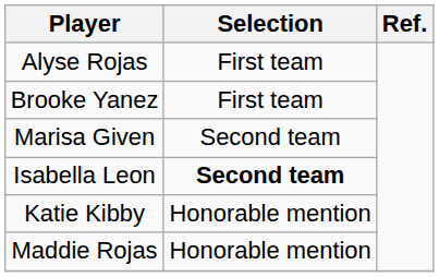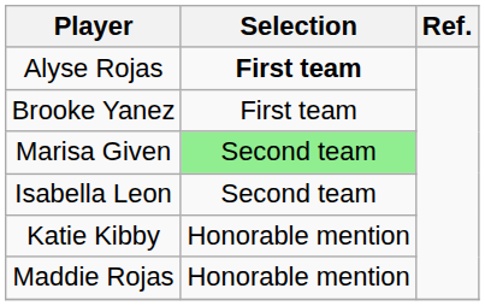 <table class="wikitable sortable sortable" style="text-align: center">
 <tr align=center>
 <th>Player</th>
 <th>Selection</th>
 <th>Ref.</th>
 </tr>
 <tr>
 <td>Alyse Rojas</td>
-<td>First team</td>
+<td><strong>First team</strong></td>
 <td rowspan="6"></td>
 </tr>
 <tr>
 <td>Brooke Yanez</td>
 <td>First team</td>
 </tr>
 <tr>
 <td>Marisa Given</td>
-<td>Second team</td>
+<td style="background: lightgreen;">Second team</td>
 </tr>
 <tr>
 <td>Isabella Leon</td>
-<td><strong>Second team</strong></td>
+<td>Second team</td>
 </tr>
 <tr>
 <td>Katie Kibby</td>
 <td>Honorable mention</td>
 </tr>
 <tr>
 <td>Maddie Rojas</td>
 <td>Honorable mention</td>
 </tr>
 <tr>
 </tr>
 </table>
